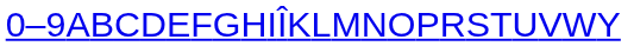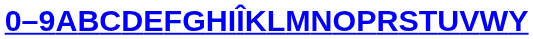 <table id="toc" class="toc" summary="Class">
 <tr>
 <th></th>
 </tr>
 <tr>
-<td style="text-align:center;"><a href='#'>0–9</a><a href='#'>A</a><a href='#'>B</a><a href='#'>C</a><a href='#'>D</a><a href='#'>E</a><a href='#'>F</a><a href='#'>G</a><a href='#'>H</a><a href='#'>I</a><a href='#'>Î</a><a href='#'>K</a><a href='#'>L</a><a href='#'>M</a><a href='#'>N</a><a href='#'>O</a><a href='#'>P</a><a href='#'>R</a><a href='#'>S</a><a href='#'>T</a><a href='#'>U</a><a href='#'>V</a><a href='#'>W</a><a href='#'>Y</a></td>
+<td style="text-align:center;"><strong><a href='#'>0–9</a><a href='#'>A</a><a href='#'>B</a><a href='#'>C</a><a href='#'>D</a><a href='#'>E</a><a href='#'>F</a><a href='#'>G</a><a href='#'>H</a><a href='#'>I</a><a href='#'>Î</a><a href='#'>K</a><a href='#'>L</a><a href='#'>M</a><a href='#'>N</a><a href='#'>O</a><a href='#'>P</a><a href='#'>R</a><a href='#'>S</a><a href='#'>T</a><a href='#'>U</a><a href='#'>V</a><a href='#'>W</a><a href='#'>Y</a></strong></td>
 </tr>
 </table>
